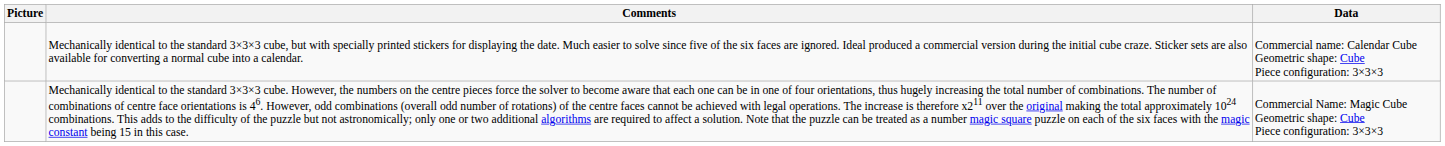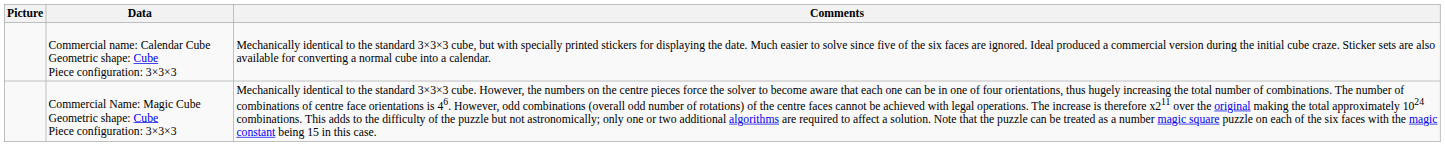 <table class="wikitable">
 <tr>
 <th>Picture</th>
+<th width="250">Data</th>
 <th>Comments</th>
-<th width="250">Data</th>
 </tr>
 <tr>
 <td></td>
+<td><br>Commercial name: Calendar Cube<br> Geometric shape: <a href='#'>Cube</a><br> Piece configuration: 3×3×3<br></td>
 <td>Mechanically identical to the standard 3×3×3 cube, but with specially printed stickers for displaying the date. Much easier to solve since five of the six faces are ignored. Ideal produced a commercial version during the initial cube craze. Sticker sets are also available for converting a normal cube into a calendar.</td>
-<td><br>Commercial name: Calendar Cube<br> Geometric shape: <a href='#'>Cube</a><br> Piece configuration: 3×3×3<br></td>
 </tr>
 <tr>
 <td></td>
+<td><br>Commercial Name: Magic Cube<br> Geometric shape: <a href='#'>Cube</a><br> Piece configuration: 3×3×3<br></td>
 <td>Mechanically identical to the standard 3×3×3 cube. However, the numbers on the centre pieces force the solver to become aware that each one can be in one of four orientations, thus hugely increasing the total number of combinations. The number of combinations of centre face orientations is 4<sup>6</sup>. However, odd combinations (overall odd number of rotations) of the centre faces cannot be achieved with legal operations. The increase is therefore x2<sup>11</sup> over the <a href='#'>original</a> making the total approximately 10<sup>24</sup> combinations. This adds to the difficulty of the puzzle but not astronomically; only one or two additional <a href='#'>algorithms</a> are required to affect a solution. Note that the puzzle can be treated as a number <a href='#'>magic square</a> puzzle on each of the six faces with the <a href='#'>magic constant</a> being 15 in this case.</td>
-<td><br>Commercial Name: Magic Cube<br> Geometric shape: <a href='#'>Cube</a><br> Piece configuration: 3×3×3<br></td>
 </tr>
 </table>
